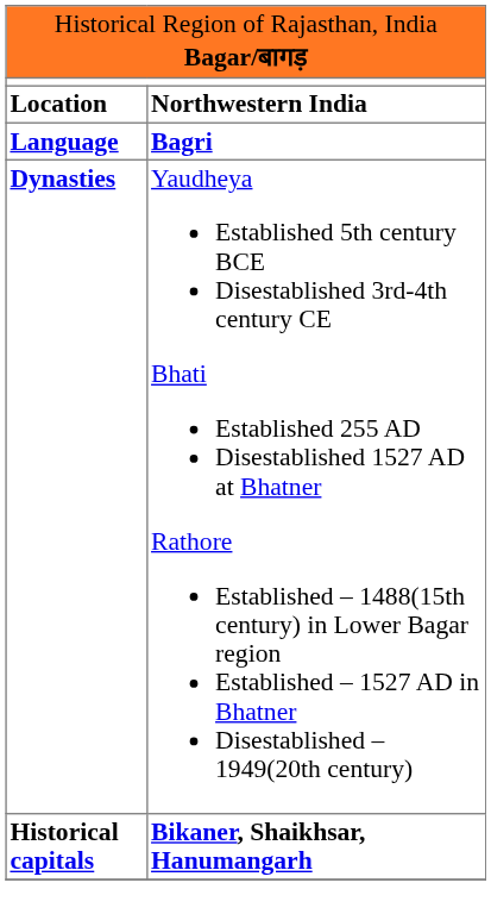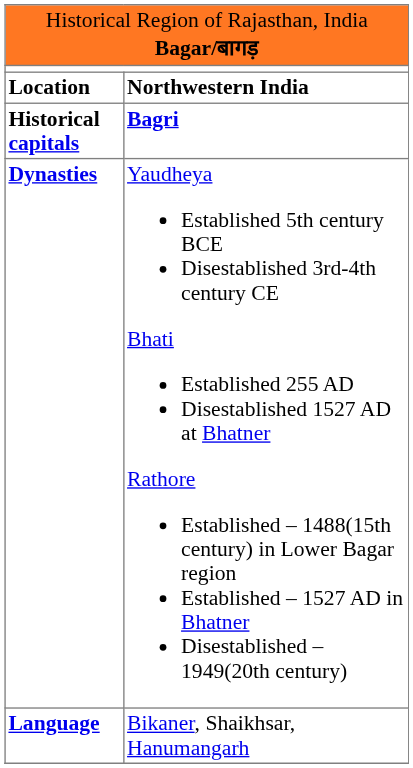 <table class="toccolours" border="1" cellpadding="2" cellspacing="2" style="float: right; margin: 0 0 1em 1em; width: 300px; border-collapse: collapse; font-size: 100%;">
 <tr>
 <td colspan="2" style="margin-left: inherit; background:#FF7722; text-align:center; font-size: medium;">Historical Region of Rajasthan, India<br><strong>Bagar/बागड़</strong></td>
 </tr>
 <tr align="center">
 <td colspan="2"><div>  </div></td>
 </tr>
 <tr style="vertical-align: top;">
 <td><strong>Location</strong></td>
 <td><strong>Northwestern India</strong><br></td>
 </tr>
 <tr style="vertical-align: top;">
-<td><strong><a href='#'>Language</a></strong></td>
+<td><strong>Historical <a href='#'>capitals</a></strong></td>
 <td><strong><a href='#'>Bagri</a></strong></td>
 </tr>
 <tr style="vertical-align: top;">
 <td><strong><a href='#'>Dynasties</a></strong></td>
 <td><a href='#'>Yaudheya</a><br><ul><li>Established 5th century BCE</li><li>Disestablished 3rd-4th century CE</li></ul><a href='#'>Bhati</a><ul><li>Established 255 AD</li><li>Disestablished 1527 AD at <a href='#'>Bhatner</a></li></ul><a href='#'>Rathore</a><ul><li>Established – 1488(15th century) in Lower Bagar region</li><li>Established – 1527 AD  in <a href='#'>Bhatner</a></li><li>Disestablished –1949(20th century)</li></ul></td>
 </tr>
 <tr style="vertical-align: top;">
-<td><strong>Historical <a href='#'>capitals</a></strong></td>
-<td><strong><a href='#'>Bikaner</a>, Shaikhsar, <a href='#'>Hanumangarh</a></strong></td>
+<td><strong><a href='#'>Language</a></strong></td>
+<td><a href='#'>Bikaner</a>, Shaikhsar, <a href='#'>Hanumangarh</a></td>
 </tr>
 <tr style="vertical-align: top;">
 </tr>
 </table>
